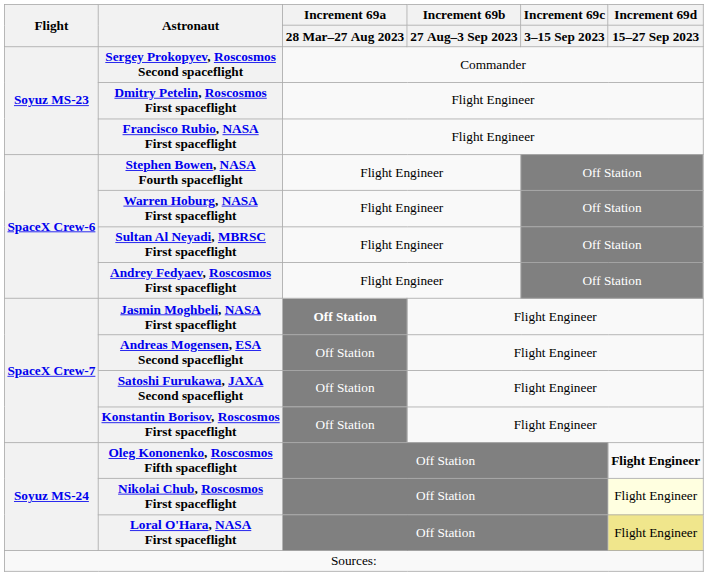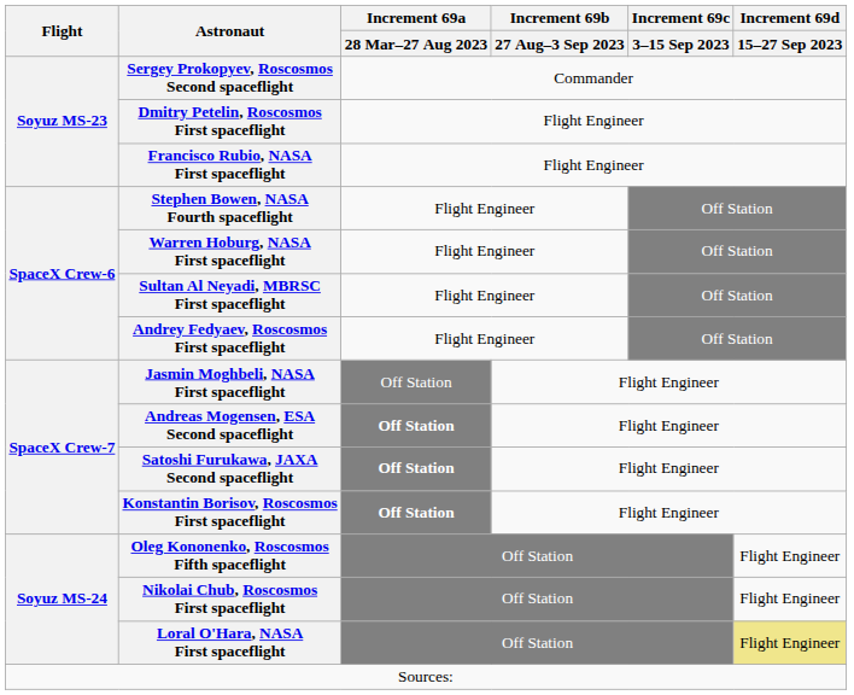 <table class="wikitable" style="text-align:center">
 <tr>
 <th rowspan="2">Flight</th>
 <th rowspan="2">Astronaut</th>
 <th>Increment 69a</th>
 <th>Increment 69b</th>
 <th>Increment 69c</th>
 <th>Increment 69d</th>
 </tr>
 <tr>
 <th>28 Mar–27 Aug 2023</th>
 <th>27 Aug–3 Sep 2023</th>
 <th>3–15 Sep 2023</th>
 <th>15–27 Sep 2023</th>
 </tr>
 <tr>
 <th rowspan="3"><a href='#'>Soyuz MS-23</a></th>
 <th> <a href='#'>Sergey Prokopyev</a>, <a href='#'>Roscosmos</a><br>Second spaceflight</th>
 <td colspan="4">Commander</td>
 </tr>
 <tr>
 <th> <a href='#'>Dmitry Petelin</a>, <a href='#'>Roscosmos</a><br>First spaceflight</th>
 <td colspan="4">Flight Engineer</td>
 </tr>
 <tr>
 <th> <a href='#'>Francisco Rubio</a>, <a href='#'>NASA</a><br>First spaceflight</th>
 <td colspan="4">Flight Engineer</td>
 </tr>
 <tr>
 <th rowspan="4"><a href='#'>SpaceX Crew-6</a></th>
 <th> <a href='#'>Stephen Bowen</a>, <a href='#'>NASA</a><br>Fourth spaceflight</th>
 <td colspan="2">Flight Engineer</td>
 <td colspan="3" style="background:grey; color:white;">Off Station</td>
 </tr>
 <tr>
 <th> <a href='#'>Warren Hoburg</a>, <a href='#'>NASA</a><br>First spaceflight</th>
 <td colspan="2">Flight Engineer</td>
 <td colspan="3" style="background:grey; color:white;">Off Station</td>
 </tr>
 <tr>
 <th> <a href='#'>Sultan Al Neyadi</a>, <a href='#'>MBRSC</a><br>First spaceflight</th>
 <td colspan="2">Flight Engineer</td>
 <td colspan="3" style="background:grey; color:white;">Off Station</td>
 </tr>
 <tr>
 <th> <a href='#'>Andrey Fedyaev</a>, <a href='#'>Roscosmos</a><br>First spaceflight</th>
 <td colspan="2">Flight Engineer</td>
 <td colspan="3" style="background:grey; color:white;">Off Station</td>
 </tr>
 <tr>
 <th rowspan="4"><a href='#'>SpaceX Crew-7</a></th>
 <th> <a href='#'>Jasmin Moghbeli</a>, <a href='#'>NASA</a><br>First spaceflight</th>
+<td colspan="1" style="background:grey; color:white;">Off Station</td>
+<td colspan="3">Flight Engineer</td>
+</tr>
+<tr>
+<th> <a href='#'>Andreas Mogensen</a>, <a href='#'>ESA</a><br>Second spaceflight</th>
 <td colspan="1" style="background:grey; color:white;"><strong>Off Station</strong></td>
 <td colspan="3">Flight Engineer</td>
 </tr>
 <tr>
-<th> <a href='#'>Andreas Mogensen</a>, <a href='#'>ESA</a><br>Second spaceflight</th>
-<td colspan="1" style="background:grey; color:white;">Off Station</td>
-<td colspan="3">Flight Engineer</td>
-</tr>
-<tr>
 <th><a href='#'>Satoshi Furukawa</a>, <a href='#'>JAXA</a><br>Second spaceflight</th>
-<td colspan="1" style="background:grey; color:white;">Off Station</td>
+<td colspan="1" style="background:grey; color:white;"><strong>Off Station</strong></td>
 <td colspan="3">Flight Engineer</td>
 </tr>
 <tr>
 <th> <a href='#'>Konstantin Borisov</a>, <a href='#'>Roscosmos</a><br>First spaceflight</th>
-<td colspan="1" style="background:grey; color:white;">Off Station</td>
+<td colspan="1" style="background:grey; color:white;"><strong>Off Station</strong></td>
 <td colspan="3">Flight Engineer</td>
 </tr>
 <tr>
 <th rowspan="3"><a href='#'>Soyuz MS-24</a></th>
 <th> <a href='#'>Oleg Kononenko</a>, <a href='#'>Roscosmos</a><br> Fifth spaceflight</th>
 <td colspan="3" style="background:grey; color:white;">Off Station</td>
-<td><strong>Flight Engineer</strong></td>
+<td>Flight Engineer</td>
 </tr>
 <tr>
 <th> <a href='#'>Nikolai Chub</a>, <a href='#'>Roscosmos</a><br>First spaceflight</th>
 <td colspan="3" style="background:grey; color:white;">Off Station</td>
-<td style="background: lightyellow;">Flight Engineer</td>
+<td>Flight Engineer</td>
 </tr>
 <tr>
 <th> <a href='#'>Loral O'Hara</a>, <a href='#'>NASA</a><br>First spaceflight</th>
 <td colspan="3" style="background:grey; color:white;">Off Station</td>
 <td style="background: khaki;">Flight Engineer</td>
 </tr>
 <tr>
 <td colspan="7">Sources:</td>
 </tr>
 </table>
